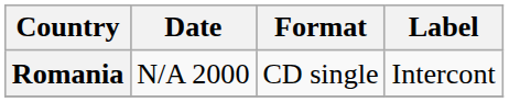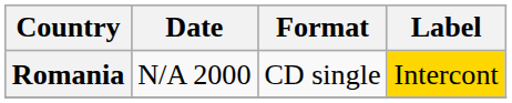 <table class="wikitable plainrowheaders unsortable">
 <tr>
 <th>Country</th>
 <th>Date</th>
 <th>Format</th>
 <th>Label</th>
 </tr>
 <tr>
 <th scope="row">Romania</th>
 <td rowspan="1">N/A 2000</td>
 <td rowspan="1">CD single</td>
-<td rowspan="1">Intercont</td>
+<td rowspan="1" style="background: gold;">Intercont</td>
 </tr>
 <tr>
 </tr>
 </table>
